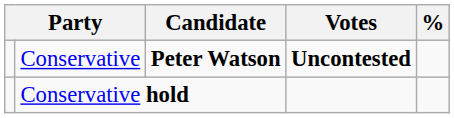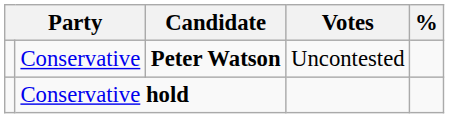 <table class="wikitable">
 <tr>
 <th colspan="2">Party</th>
 <th>Candidate</th>
 <th>Votes</th>
 <th>%</th>
 </tr>
 <tr>
 <td></td>
 <td><a href='#'>Conservative</a></td>
 <td><strong>Peter Watson</strong></td>
-<td><strong>Uncontested</strong></td>
+<td>Uncontested</td>
 <td></td>
 </tr>
 <tr>
 <td></td>
 <td colspan="2"><a href='#'>Conservative</a> <strong>hold</strong></td>
 <td></td>
 <td></td>
 </tr>
 </table>
